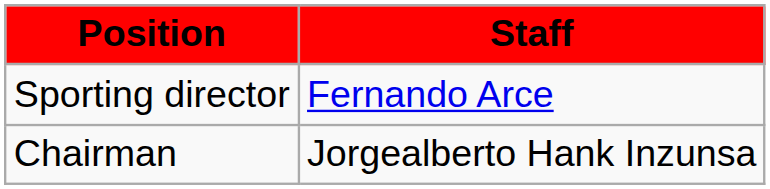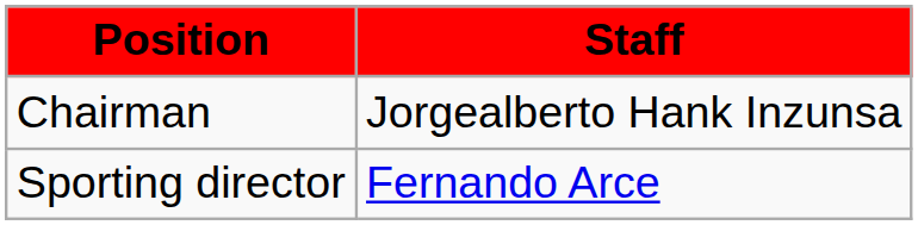 <table class="wikitable">
 <tr>
 <th style="background-color:red;color:black">Position</th>
 <th style="background-color:red;color:black">Staff</th>
 </tr>
 <tr>
+<td>Chairman</td>
+<td> Jorgealberto Hank Inzunsa</td>
+</tr>
+<tr>
 <td>Sporting director</td>
 <td> <a href='#'>Fernando Arce</a></td>
 </tr>
-<tr>
-<td>Chairman</td>
-<td> Jorgealberto Hank Inzunsa</td>
-</tr>
 </table>
